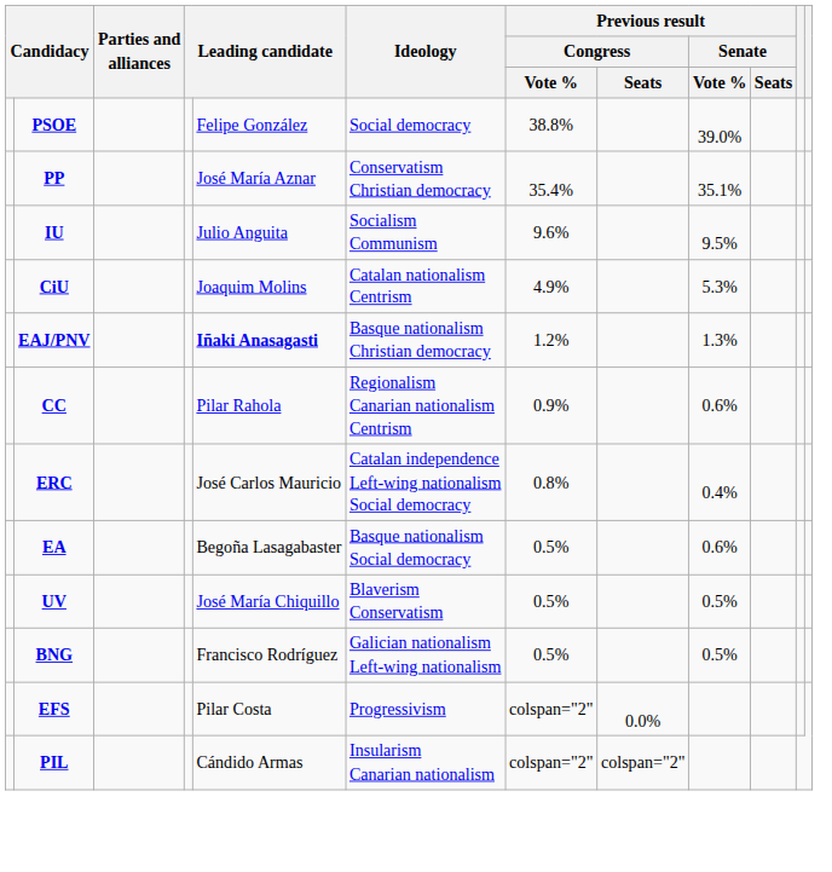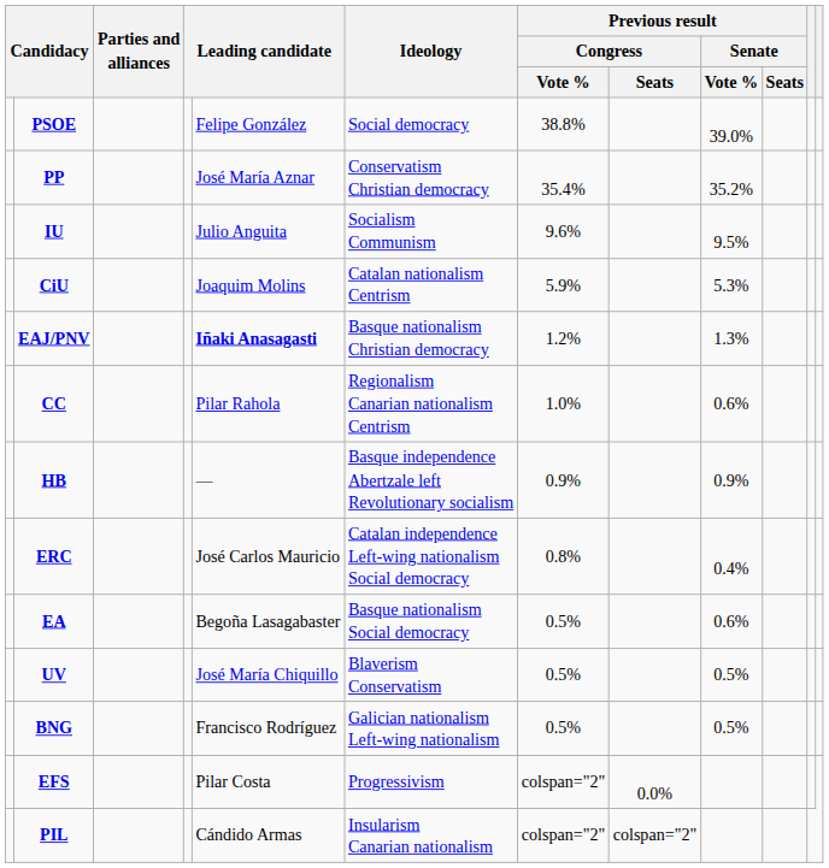 <table class="wikitable" style="line-height:1.35em; text-align:left;">
 <tr>
 <th colspan="2" rowspan="3">Candidacy</th>
 <th rowspan="3">Parties and<br>alliances</th>
 <th colspan="2" rowspan="3">Leading candidate</th>
 <th rowspan="3">Ideology</th>
 <th colspan="4">Previous result</th>
 <th rowspan="3"></th>
 <th rowspan="3"></th>
 </tr>
 <tr>
 <th colspan="2">Congress</th>
 <th colspan="2">Senate</th>
 </tr>
 <tr>
 <th>Vote %</th>
 <th>Seats</th>
 <th>Vote %</th>
 <th>Seats</th>
 </tr>
 <tr>
 <td width="1" style="color:inherit;background:"></td>
 <td align="center"><strong><a href='#'>PSOE</a></strong></td>
 <td></td>
 <td></td>
 <td><a href='#'>Felipe González</a></td>
 <td><a href='#'>Social democracy</a></td>
 <td align="center">38.8%</td>
 <td></td>
 <td align="center"><br>39.0%<br></td>
 <td></td>
 <td></td>
 <td><br></td>
 </tr>
 <tr>
 <td style="color:inherit;background:"></td>
 <td align="center"><strong><a href='#'>PP</a></strong></td>
 <td></td>
 <td></td>
 <td><a href='#'>José María Aznar</a></td>
 <td><a href='#'>Conservatism</a><br><a href='#'>Christian democracy</a></td>
 <td align="center"><br>35.4%<br></td>
 <td></td>
-<td align="center"><br>35.1%<br></td>
+<td align="center"><br>35.2%<br></td>
 <td></td>
 <td></td>
 <td><br></td>
 </tr>
 <tr>
 <td style="color:inherit;background:"></td>
 <td align="center"><strong><a href='#'>IU</a></strong></td>
 <td></td>
 <td></td>
 <td><a href='#'>Julio Anguita</a></td>
 <td><a href='#'>Socialism</a><br><a href='#'>Communism</a></td>
 <td align="center">9.6%</td>
 <td></td>
 <td align="center"><br>9.5%<br></td>
 <td></td>
 <td></td>
 <td></td>
 </tr>
 <tr>
 <td style="color:inherit;background:"></td>
 <td align="center"><strong><a href='#'>CiU</a></strong></td>
 <td></td>
 <td></td>
 <td><a href='#'>Joaquim Molins</a></td>
 <td><a href='#'>Catalan nationalism</a><br><a href='#'>Centrism</a></td>
-<td align="center">4.9%</td>
+<td align="center">5.9%</td>
 <td></td>
 <td align="center">5.3%</td>
 <td></td>
 <td></td>
 <td></td>
 </tr>
 <tr>
 <td style="color:inherit;background:"></td>
 <td align="center"><strong><a href='#'>EAJ/PNV</a></strong></td>
 <td></td>
 <td></td>
 <td><strong><a href='#'>Iñaki Anasagasti</a></strong></td>
 <td><a href='#'>Basque nationalism</a><br><a href='#'>Christian democracy</a></td>
 <td align="center">1.2%</td>
 <td></td>
 <td align="center">1.3%</td>
 <td></td>
 <td></td>
 <td></td>
 </tr>
 <tr>
 <td style="color:inherit;background:"></td>
 <td align="center"><strong><a href='#'>CC</a></strong></td>
 <td></td>
 <td></td>
 <td><a href='#'>Pilar Rahola</a></td>
 <td><a href='#'>Regionalism</a><br><a href='#'>Canarian nationalism</a><br><a href='#'>Centrism</a></td>
+<td align="center">1.0%</td>
+<td></td>
+<td align="center">0.6%</td>
+<td></td>
+<td></td>
+<td></td>
+</tr>
+<tr>
+<td style="color:inherit;background:"></td>
+<td align="center"><strong><a href='#'>HB</a></strong></td>
+<td></td>
+<td></td>
+<td>—</td>
+<td><a href='#'>Basque independence</a><br><a href='#'>Abertzale left</a><br><a href='#'>Revolutionary socialism</a></td>
 <td align="center">0.9%</td>
 <td></td>
-<td align="center">0.6%</td>
+<td align="center">0.9%</td>
 <td></td>
 <td></td>
 <td></td>
 </tr>
 <tr>
 <td style="color:inherit;background:"></td>
 <td align="center"><strong><a href='#'>ERC</a></strong></td>
 <td></td>
 <td></td>
 <td>José Carlos Mauricio</td>
 <td><a href='#'>Catalan independence</a><br><a href='#'>Left-wing nationalism</a><br><a href='#'>Social democracy</a></td>
 <td align="center">0.8%</td>
 <td></td>
 <td align="center"><br>0.4%<br></td>
 <td></td>
 <td></td>
 <td></td>
 </tr>
 <tr>
 <td style="color:inherit;background:"></td>
 <td align="center"><strong><a href='#'>EA</a></strong></td>
 <td></td>
 <td></td>
 <td>Begoña Lasagabaster</td>
 <td><a href='#'>Basque nationalism</a><br><a href='#'>Social democracy</a></td>
 <td align="center">0.5%</td>
 <td></td>
 <td align="center">0.6%</td>
 <td></td>
 <td></td>
 <td></td>
 </tr>
 <tr>
 <td style="color:inherit;background:"></td>
 <td align="center"><strong><a href='#'>UV</a></strong></td>
 <td></td>
 <td></td>
 <td><a href='#'>José María Chiquillo</a></td>
 <td><a href='#'>Blaverism</a><br><a href='#'>Conservatism</a></td>
 <td align="center">0.5%</td>
 <td></td>
 <td align="center">0.5%</td>
 <td></td>
 <td></td>
 <td></td>
 </tr>
 <tr>
 <td style="color:inherit;background:"></td>
 <td align="center"><strong><a href='#'>BNG</a></strong></td>
 <td></td>
 <td></td>
 <td>Francisco Rodríguez</td>
 <td><a href='#'>Galician nationalism</a><br><a href='#'>Left-wing nationalism</a></td>
 <td align="center">0.5%</td>
 <td></td>
 <td align="center">0.5%</td>
 <td></td>
 <td></td>
 <td></td>
 </tr>
 <tr>
 <td style="color:inherit;background:"></td>
 <td align="center"><strong><a href='#'>EFS</a></strong></td>
 <td></td>
 <td></td>
 <td>Pilar Costa</td>
 <td><a href='#'>Progressivism</a></td>
 <td>colspan="2" </td>
 <td align="center"><br>0.0%<br></td>
 <td></td>
 <td></td>
 <td></td>
 </tr>
 <tr>
 <td style="color:inherit;background:"></td>
 <td align="center"><strong><a href='#'>PIL</a></strong></td>
 <td></td>
 <td></td>
 <td>Cándido Armas</td>
 <td><a href='#'>Insularism</a><br><a href='#'>Canarian nationalism</a></td>
 <td>colspan="2" </td>
 <td>colspan="2" </td>
 <td></td>
 <td></td>
 </tr>
 </table>
